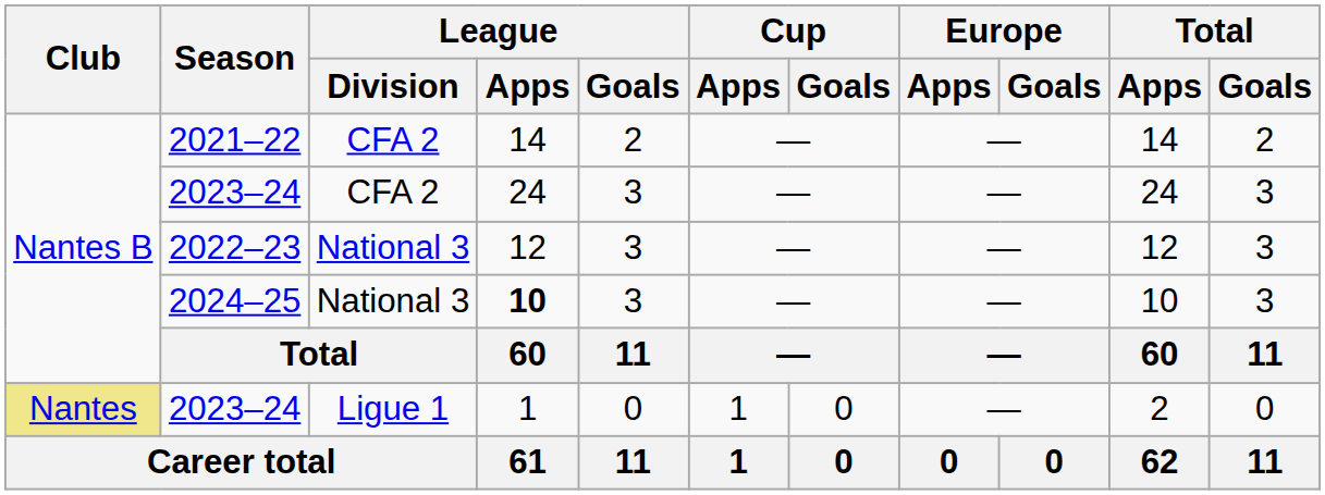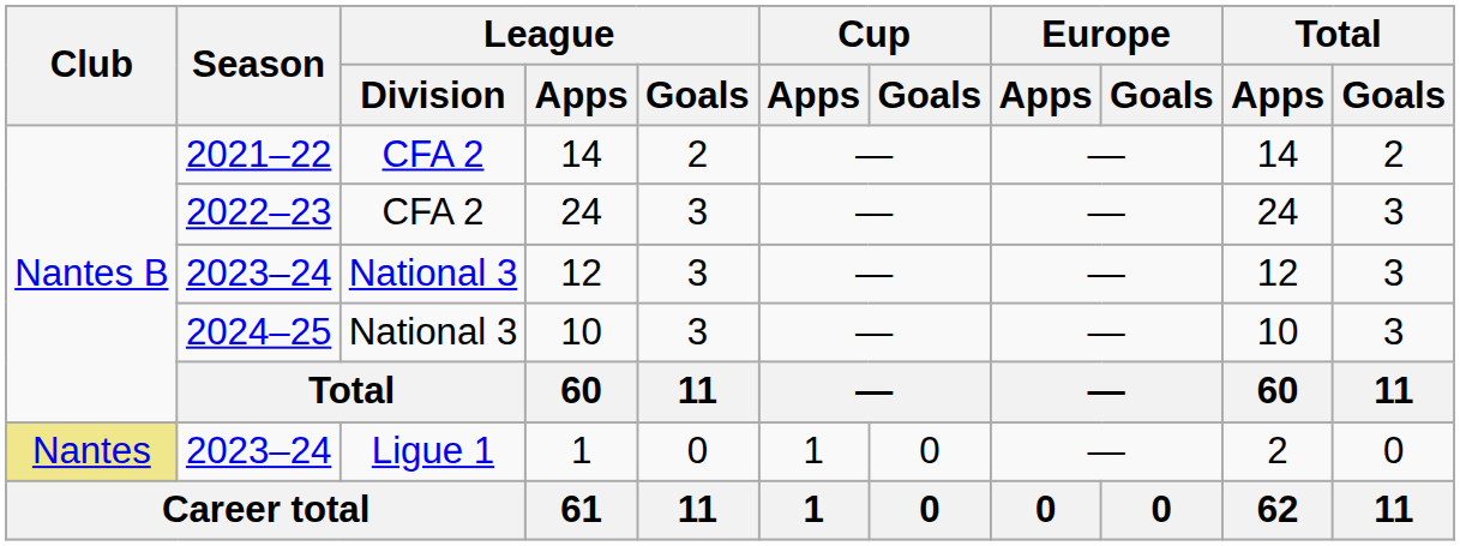 <table class="wikitable" style="text-align: center">
 <tr>
 <th rowspan="2">Club</th>
 <th rowspan="2">Season</th>
 <th colspan="3">League</th>
 <th colspan="2">Cup</th>
 <th colspan="2">Europe</th>
 <th colspan="2">Total</th>
 </tr>
 <tr>
 <th>Division</th>
 <th>Apps</th>
 <th>Goals</th>
 <th>Apps</th>
 <th>Goals</th>
 <th>Apps</th>
 <th>Goals</th>
 <th>Apps</th>
 <th>Goals</th>
 </tr>
 <tr>
 <td rowspan="5"><a href='#'>Nantes B</a></td>
 <td><a href='#'>2021–22</a></td>
 <td><a href='#'>CFA 2</a></td>
 <td>14</td>
 <td>2</td>
 <td colspan="2">—</td>
 <td colspan="2">—</td>
 <td>14</td>
 <td>2</td>
 </tr>
 <tr>
-<td><a href='#'>2023–24</a></td>
+<td><a href='#'>2022–23</a></td>
 <td>CFA 2</td>
 <td>24</td>
 <td>3</td>
 <td colspan="2">—</td>
 <td colspan="2">—</td>
 <td>24</td>
 <td>3</td>
 </tr>
 <tr>
-<td><a href='#'>2022–23</a></td>
+<td><a href='#'>2023–24</a></td>
 <td><a href='#'>National 3</a></td>
 <td>12</td>
 <td>3</td>
 <td colspan="2">—</td>
 <td colspan="2">—</td>
 <td>12</td>
 <td>3</td>
 </tr>
 <tr>
 <td><a href='#'>2024–25</a></td>
 <td>National 3</td>
-<td><strong>10</strong></td>
+<td>10</td>
 <td>3</td>
 <td colspan="2">—</td>
 <td colspan="2">—</td>
 <td>10</td>
 <td>3</td>
 </tr>
 <tr>
 <th colspan="2">Total</th>
 <th>60</th>
 <th>11</th>
 <th colspan="2">—</th>
 <th colspan="2">—</th>
 <th>60</th>
 <th>11</th>
 </tr>
 <tr>
 <td style="background: khaki;"><a href='#'>Nantes</a></td>
 <td><a href='#'>2023–24</a></td>
 <td><a href='#'>Ligue 1</a></td>
 <td>1</td>
 <td>0</td>
 <td>1</td>
 <td>0</td>
 <td colspan="2">—</td>
 <td>2</td>
 <td>0</td>
 </tr>
 <tr>
 <th colspan="3">Career total</th>
 <th>61</th>
 <th>11</th>
 <th>1</th>
 <th>0</th>
 <th>0</th>
 <th>0</th>
 <th>62</th>
 <th>11</th>
 </tr>
 </table>
